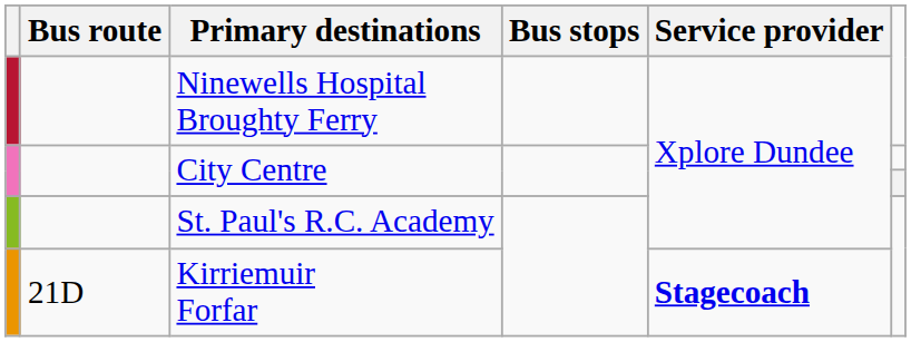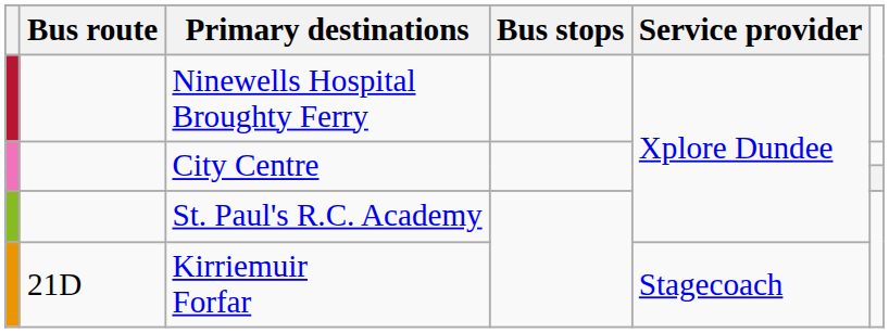 <table class="wikitable">
 <tr>
 <th></th>
 <th>Bus route</th>
 <th>Primary destinations</th>
 <th>Bus stops</th>
 <th>Service provider</th>
 </tr>
 <tr>
 <th style="background:#B81532"></th>
 <td></td>
 <td><a href='#'>Ninewells Hospital</a><br><a href='#'>Broughty Ferry</a></td>
 <td></td>
 <td rowspan="4"><a href='#'>Xplore Dundee</a></td>
 </tr>
 <tr>
 <th rowspan="2" style="background:#F173BC"></th>
 <td rowspan="2"></td>
 <td rowspan="2"><a href='#'>City Centre</a></td>
 <td rowspan="2"><br></td>
 <td></td>
 </tr>
 <tr>
 <th></th>
 </tr>
 <tr>
 <th style="background:#86BB22"></th>
 <td><br></td>
 <td><a href='#'>St. Paul's R.C. Academy</a></td>
 <td rowspan="2"></td>
 </tr>
 <tr>
 <th style="background:#EB9501"></th>
 <td>21D</td>
 <td><a href='#'>Kirriemuir</a><br><a href='#'>Forfar</a></td>
-<td><strong><a href='#'>Stagecoach</a></strong></td>
+<td><a href='#'>Stagecoach</a></td>
 </tr>
 </table>
